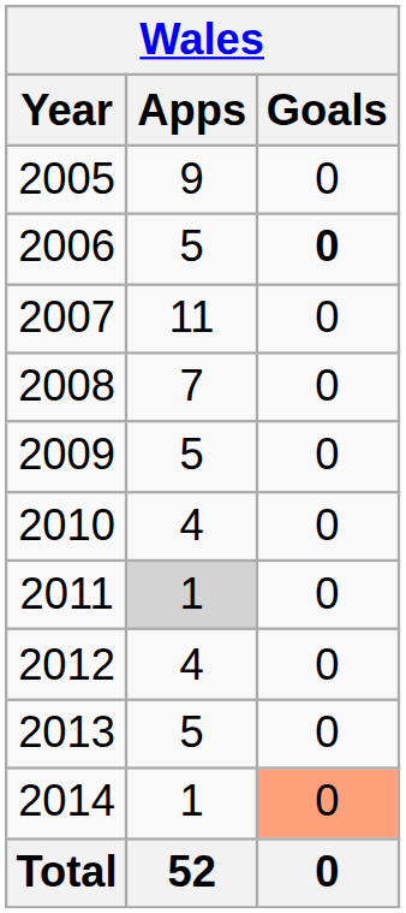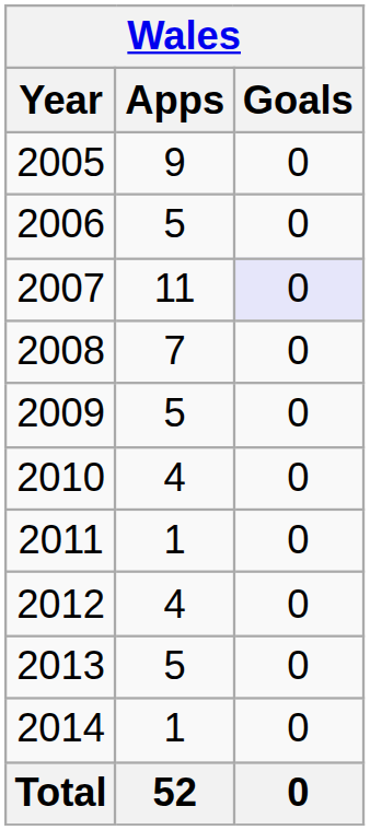 <table class="wikitable" style="text-align:center">
 <tr>
 <th colspan=3><a href='#'>Wales</a></th>
 </tr>
 <tr>
 <th>Year</th>
 <th>Apps</th>
 <th>Goals</th>
 </tr>
 <tr>
 <td>2005</td>
 <td>9</td>
 <td>0</td>
 </tr>
 <tr>
 <td>2006</td>
 <td>5</td>
-<td><strong>0</strong></td>
+<td>0</td>
 </tr>
 <tr>
 <td>2007</td>
 <td>11</td>
-<td>0</td>
+<td style="background: lavender;">0</td>
 </tr>
 <tr>
 <td>2008</td>
 <td>7</td>
 <td>0</td>
 </tr>
 <tr>
 <td>2009</td>
 <td>5</td>
 <td>0</td>
 </tr>
 <tr>
 <td>2010</td>
 <td>4</td>
 <td>0</td>
 </tr>
 <tr>
 <td>2011</td>
-<td style="background: lightgrey;">1</td>
+<td>1</td>
 <td>0</td>
 </tr>
 <tr>
 <td>2012</td>
 <td>4</td>
 <td>0</td>
 </tr>
 <tr>
 <td>2013</td>
 <td>5</td>
 <td>0</td>
 </tr>
 <tr>
 <td>2014</td>
 <td>1</td>
-<td style="background: lightsalmon;">0</td>
+<td>0</td>
 </tr>
 <tr>
 <th>Total</th>
 <th>52</th>
 <th>0</th>
 </tr>
 </table>
